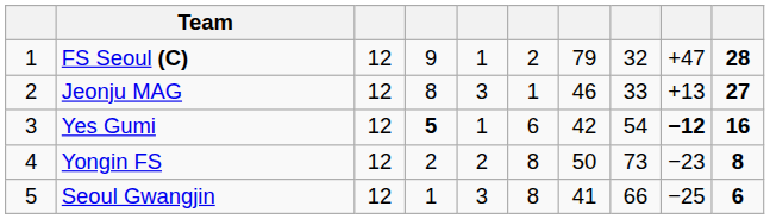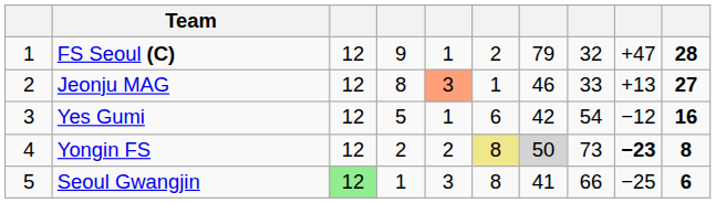 <table class="wikitable" style="text-align: center;">
 <tr>
 <th width=30></th>
 <th width=210>Team</th>
 <th width=30></th>
 <th width=30></th>
 <th width=30></th>
 <th width=30></th>
 <th width=30></th>
 <th width=30></th>
 <th width=30></th>
 <th width=30></th>
 </tr>
 <tr>
 <td>1</td>
 <td style="text-align:left;"><a href='#'>FS Seoul</a> <strong>(C)</strong></td>
 <td>12</td>
 <td>9</td>
 <td>1</td>
 <td>2</td>
 <td>79</td>
 <td>32</td>
 <td>+47</td>
 <td><strong>28</strong></td>
 </tr>
 <tr>
 <td>2</td>
 <td style="text-align:left;"><a href='#'>Jeonju MAG</a></td>
 <td>12</td>
 <td>8</td>
-<td>3</td>
+<td style="background: lightsalmon;">3</td>
 <td>1</td>
 <td>46</td>
 <td>33</td>
 <td>+13</td>
 <td><strong>27</strong></td>
 </tr>
 <tr>
 <td>3</td>
 <td style="text-align:left;"><a href='#'>Yes Gumi</a></td>
 <td>12</td>
-<td><strong>5</strong></td>
+<td>5</td>
 <td>1</td>
 <td>6</td>
 <td>42</td>
 <td>54</td>
-<td><strong>−12</strong></td>
+<td>−12</td>
 <td><strong>16</strong></td>
 </tr>
 <tr>
 <td>4</td>
 <td style="text-align:left;"><a href='#'>Yongin FS</a></td>
 <td>12</td>
 <td>2</td>
 <td>2</td>
-<td>8</td>
-<td>50</td>
+<td style="background: khaki;">8</td>
+<td style="background: lightgrey;">50</td>
 <td>73</td>
-<td>−23</td>
+<td><strong>−23</strong></td>
 <td><strong>8</strong></td>
 </tr>
 <tr>
 <td>5</td>
 <td style="text-align:left;"><a href='#'>Seoul Gwangjin</a></td>
-<td>12</td>
+<td style="background: lightgreen;">12</td>
 <td>1</td>
 <td>3</td>
 <td>8</td>
 <td>41</td>
 <td>66</td>
 <td>−25</td>
 <td><strong>6</strong></td>
 </tr>
 </table>
